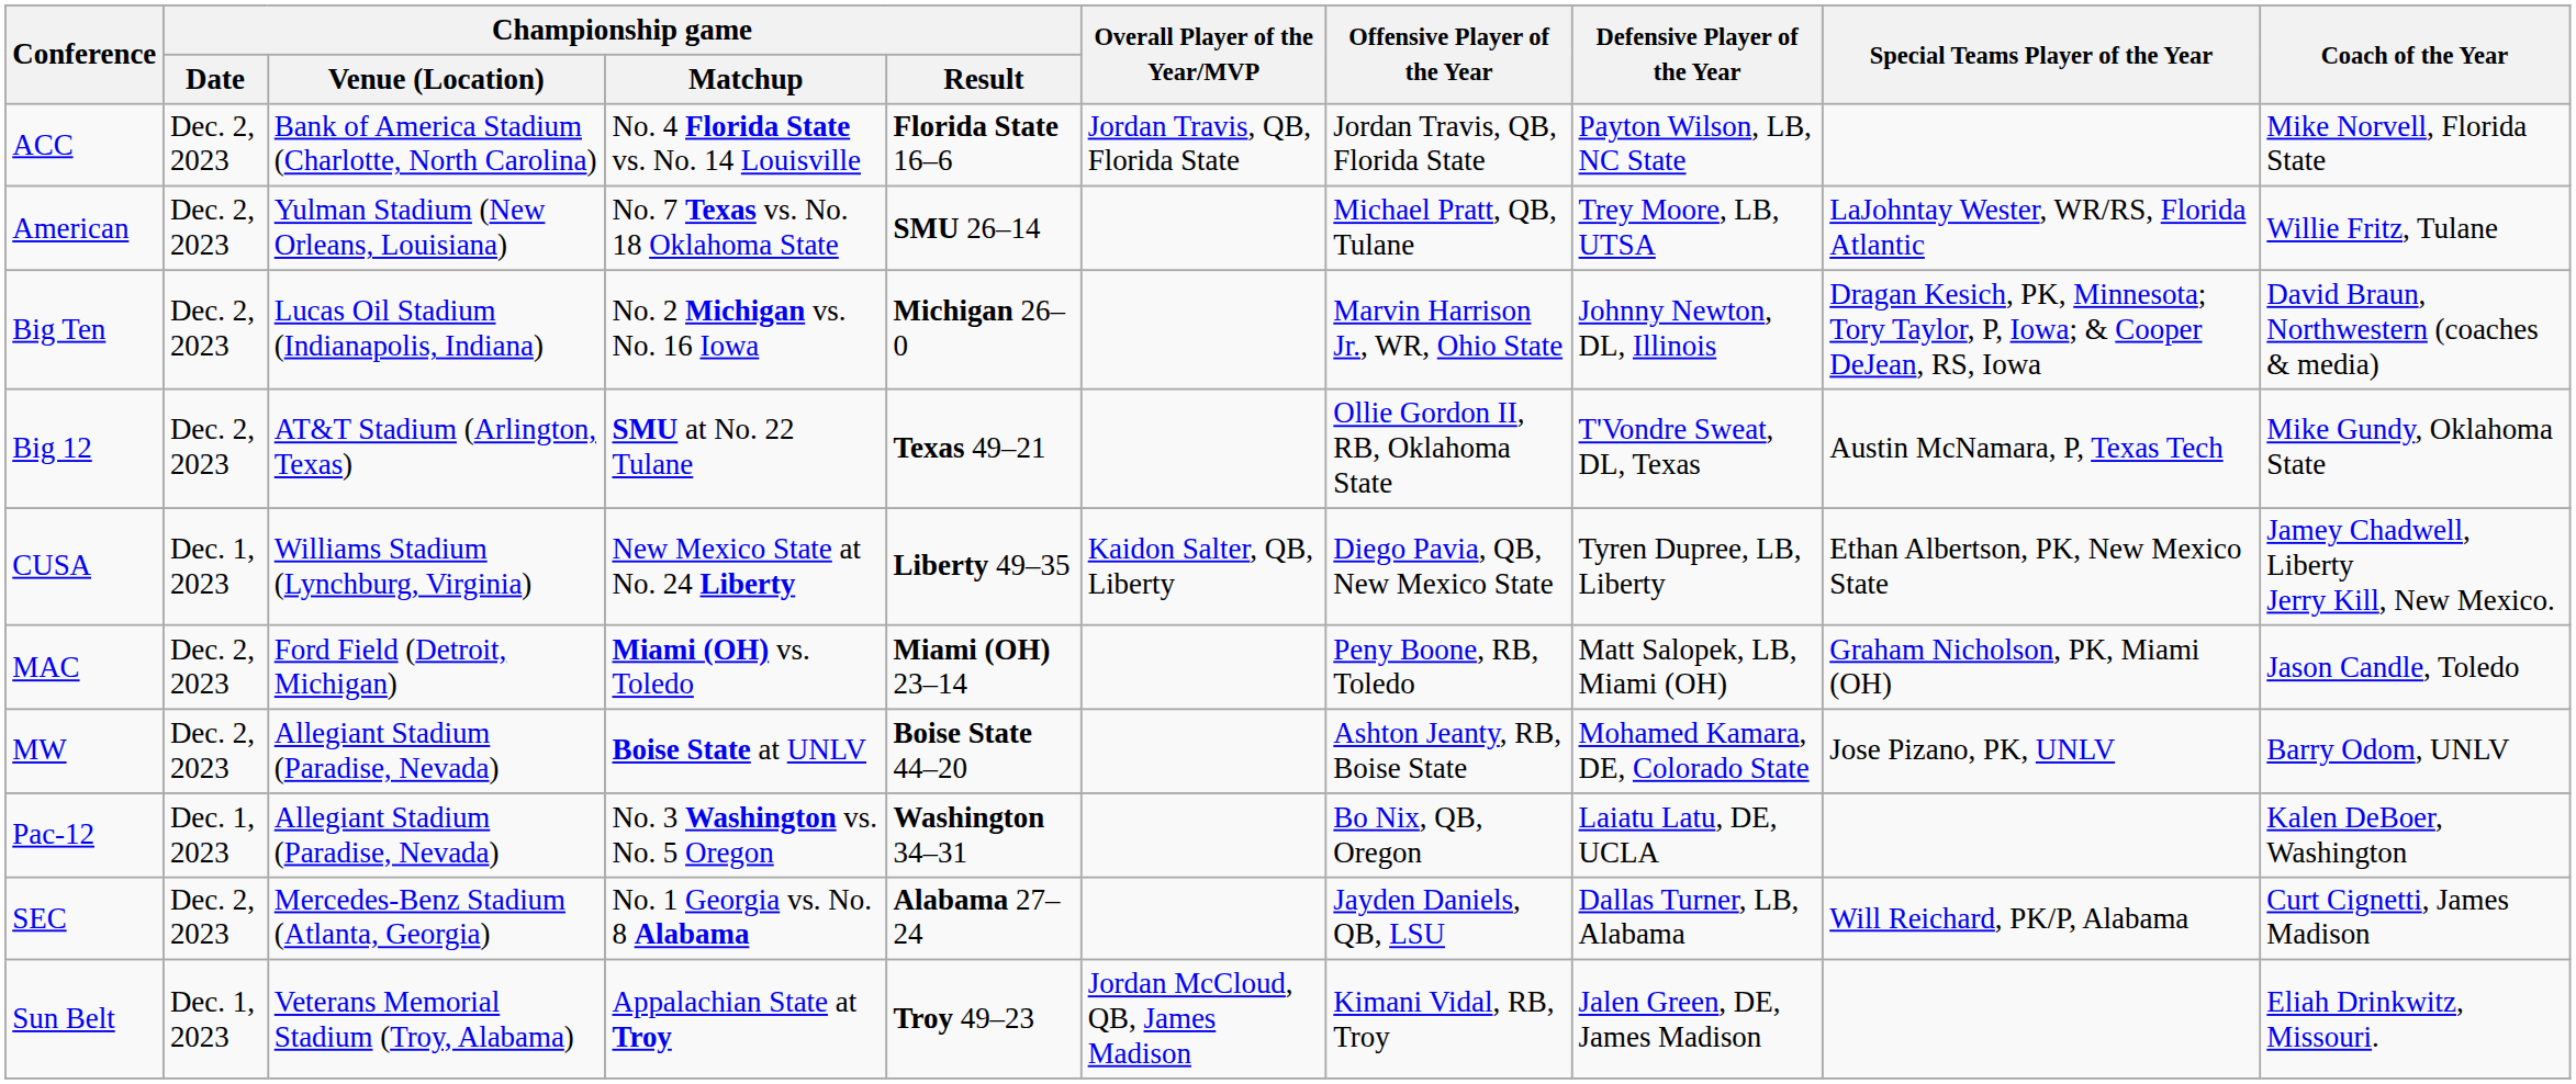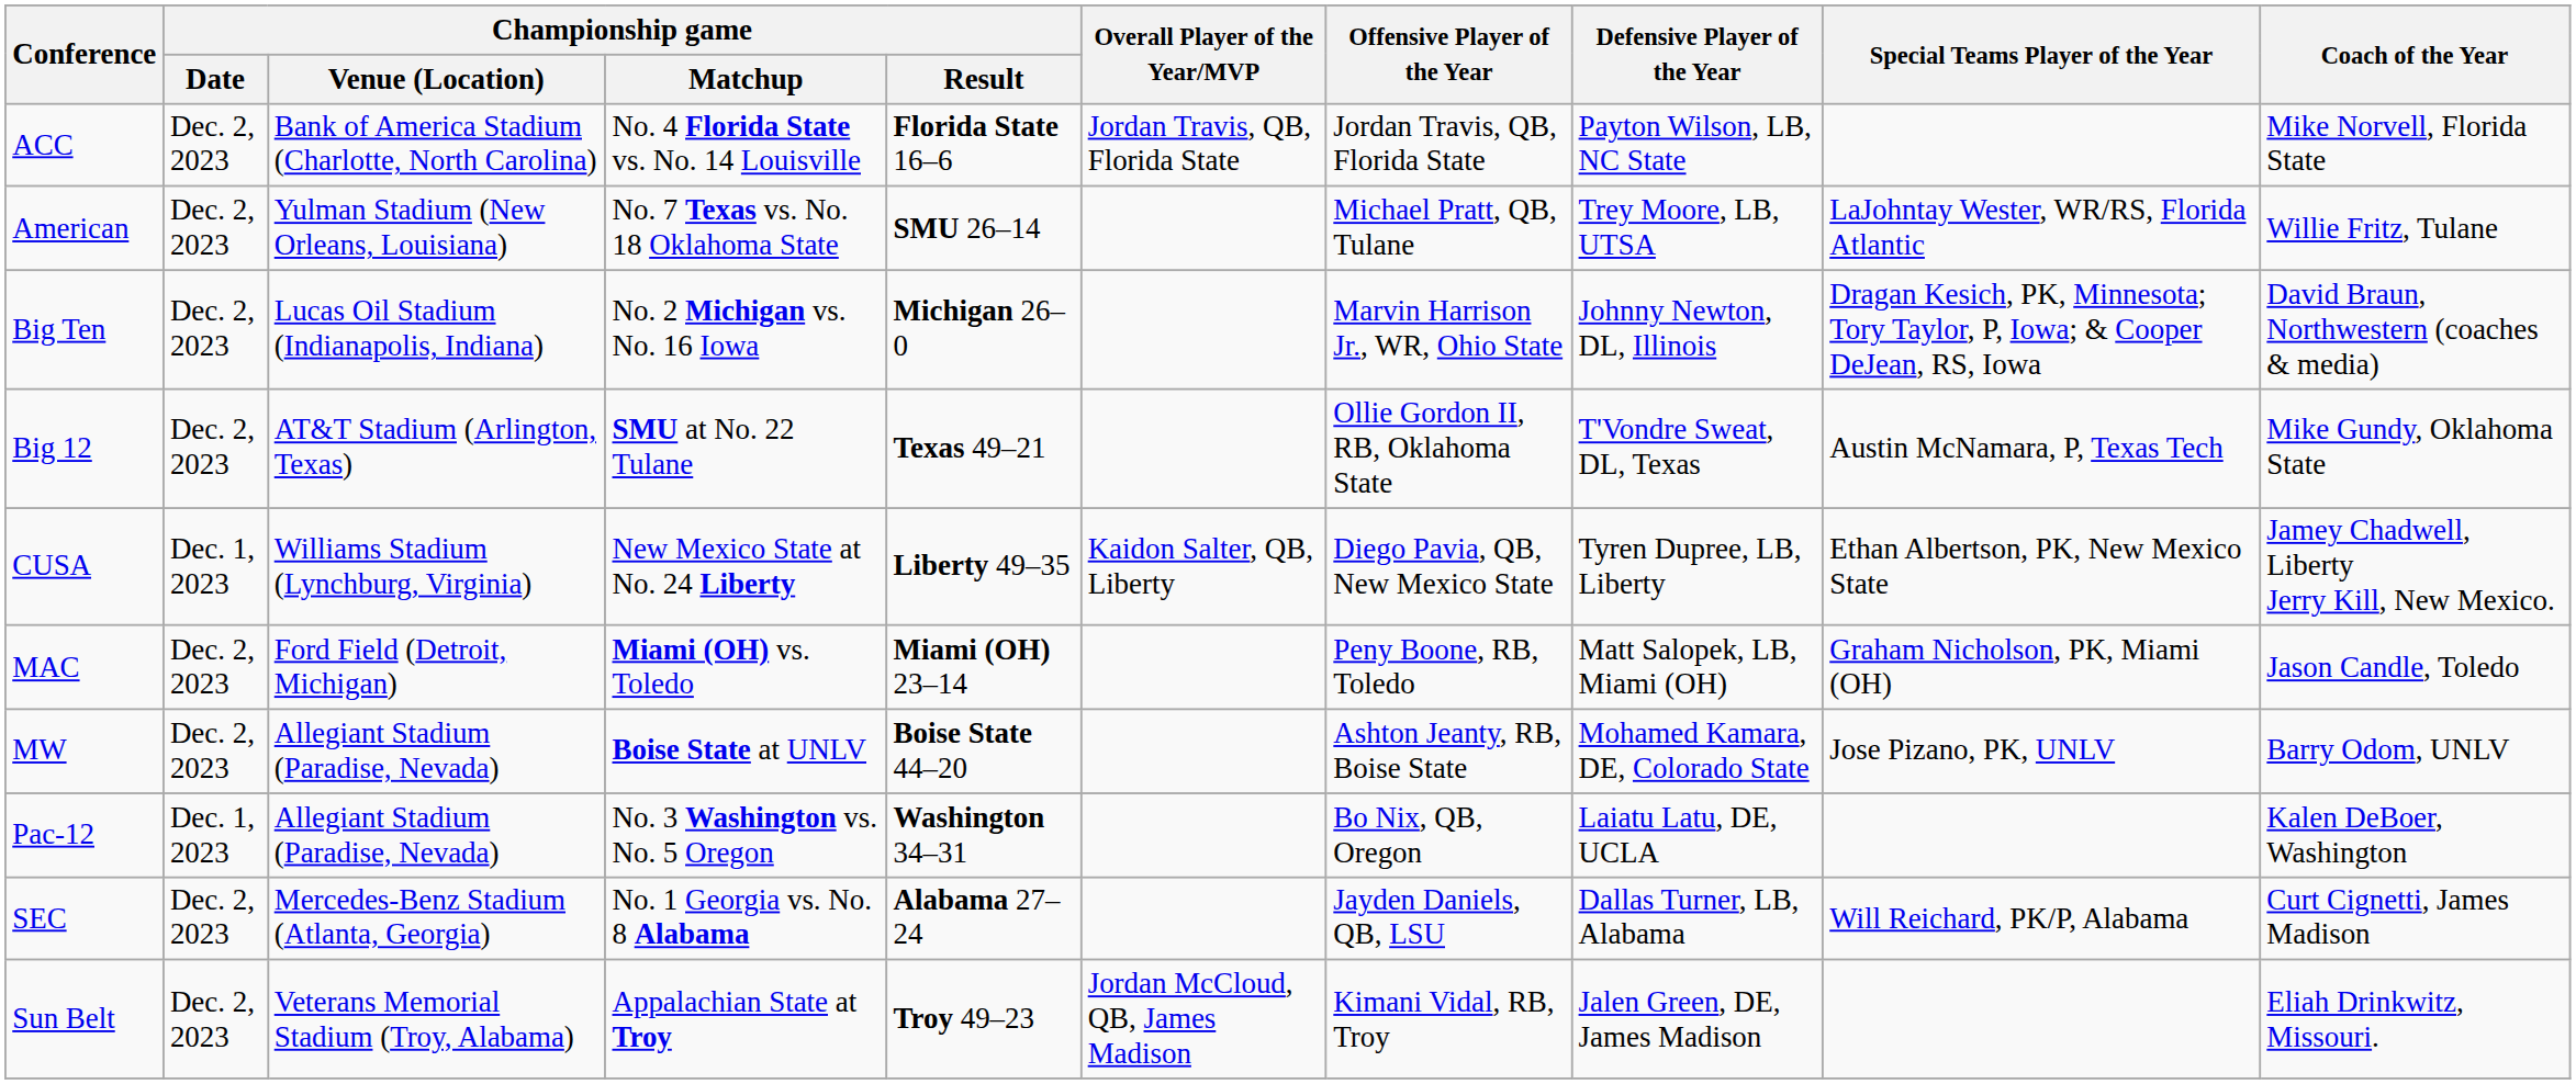 <table class="wikitable" style="font-size:90%;">
 <tr>
 <th rowspan=2>Conference</th>
 <th colspan=4>Championship game</th>
 <th rowspan=2><small>Overall Player of the Year/MVP</small></th>
 <th rowspan=2><small>Offensive Player of the Year</small></th>
 <th rowspan=2><small>Defensive Player of the Year</small></th>
 <th rowspan=2><small>Special Teams Player of the Year</small></th>
 <th rowspan=2><small>Coach of the Year</small></th>
 </tr>
 <tr>
 <th>Date</th>
 <th>Venue (Location)</th>
 <th>Matchup</th>
 <th>Result</th>
 </tr>
 <tr>
 <td><a href='#'>ACC</a></td>
 <td>Dec. 2, 2023</td>
 <td><a href='#'>Bank of America Stadium</a> (<a href='#'>Charlotte, North Carolina</a>)</td>
 <td>No. 4 <strong><a href='#'>Florida State</a></strong> vs. No. 14 <a href='#'>Louisville</a></td>
 <td><strong>Florida State</strong> 16–6</td>
 <td><a href='#'>Jordan Travis</a>, QB, Florida State</td>
 <td>Jordan Travis, QB, Florida State</td>
 <td><a href='#'>Payton Wilson</a>, LB, <a href='#'>NC State</a></td>
 <td></td>
 <td><a href='#'>Mike Norvell</a>, Florida State</td>
 </tr>
 <tr>
 <td><a href='#'>American</a></td>
 <td>Dec. 2, 2023</td>
 <td><a href='#'>Yulman Stadium</a> (<a href='#'>New Orleans, Louisiana</a>)</td>
 <td>No. 7 <strong><a href='#'>Texas</a></strong> vs. No. 18 <a href='#'>Oklahoma State</a></td>
 <td><strong>SMU</strong> 26–14</td>
 <td></td>
 <td><a href='#'>Michael Pratt</a>, QB, Tulane</td>
 <td><a href='#'>Trey Moore</a>, LB, <a href='#'>UTSA</a></td>
 <td><a href='#'>LaJohntay Wester</a>, WR/RS, <a href='#'>Florida Atlantic</a></td>
 <td><a href='#'>Willie Fritz</a>, Tulane</td>
 </tr>
 <tr>
 <td><a href='#'>Big Ten</a></td>
 <td>Dec. 2, 2023</td>
 <td><a href='#'>Lucas Oil Stadium</a> (<a href='#'>Indianapolis, Indiana</a>)</td>
 <td>No. 2 <strong><a href='#'>Michigan</a></strong> vs. No. 16 <a href='#'>Iowa</a></td>
 <td><strong>Michigan</strong> 26–0</td>
 <td></td>
 <td><a href='#'>Marvin Harrison Jr.</a>, WR, <a href='#'>Ohio State</a></td>
 <td><a href='#'>Johnny Newton</a>, DL, <a href='#'>Illinois</a></td>
 <td><a href='#'>Dragan Kesich</a>, PK, <a href='#'>Minnesota</a>; <a href='#'>Tory Taylor</a>, P, <a href='#'>Iowa</a>; & <a href='#'>Cooper DeJean</a>, RS, Iowa</td>
 <td><a href='#'>David Braun</a>, <a href='#'>Northwestern</a> (coaches & media)</td>
 </tr>
 <tr>
 <td><a href='#'>Big 12</a></td>
 <td>Dec. 2, 2023</td>
 <td><a href='#'>AT&T Stadium</a> (<a href='#'>Arlington, Texas</a>)</td>
 <td><strong><a href='#'>SMU</a></strong> at No. 22 <a href='#'>Tulane</a></td>
 <td><strong>Texas</strong> 49–21</td>
 <td></td>
 <td><a href='#'>Ollie Gordon II</a>, RB, Oklahoma State</td>
 <td><a href='#'>T'Vondre Sweat</a>, DL, Texas</td>
 <td>Austin McNamara, P, <a href='#'>Texas Tech</a></td>
 <td><a href='#'>Mike Gundy</a>, Oklahoma State</td>
 </tr>
 <tr>
 <td><a href='#'>CUSA</a></td>
 <td>Dec. 1, 2023</td>
 <td><a href='#'>Williams Stadium</a> (<a href='#'>Lynchburg, Virginia</a>)</td>
 <td><a href='#'>New Mexico State</a> at No. 24 <strong><a href='#'>Liberty</a></strong></td>
 <td><strong>Liberty</strong> 49–35</td>
 <td><a href='#'>Kaidon Salter</a>, QB, Liberty</td>
 <td><a href='#'>Diego Pavia</a>, QB, New Mexico State</td>
 <td>Tyren Dupree, LB, Liberty</td>
 <td>Ethan Albertson, PK, New Mexico State</td>
 <td><a href='#'>Jamey Chadwell</a>, Liberty<br><a href='#'>Jerry Kill</a>, New Mexico.</td>
 </tr>
 <tr>
 <td><a href='#'>MAC</a></td>
 <td>Dec. 2, 2023</td>
 <td><a href='#'>Ford Field</a> (<a href='#'>Detroit, Michigan</a>)</td>
 <td><strong><a href='#'>Miami (OH)</a></strong> vs. <a href='#'>Toledo</a></td>
 <td><strong>Miami (OH)</strong> 23–14</td>
 <td></td>
 <td><a href='#'>Peny Boone</a>, RB, Toledo</td>
 <td>Matt Salopek, LB, Miami (OH)</td>
 <td><a href='#'>Graham Nicholson</a>, PK, Miami (OH)</td>
 <td><a href='#'>Jason Candle</a>, Toledo</td>
 </tr>
 <tr>
 <td><a href='#'>MW</a></td>
 <td>Dec. 2, 2023</td>
 <td><a href='#'>Allegiant Stadium</a> (<a href='#'>Paradise, Nevada</a>)</td>
 <td><strong><a href='#'>Boise State</a></strong> at <a href='#'>UNLV</a></td>
 <td><strong>Boise State</strong> 44–20</td>
 <td></td>
 <td><a href='#'>Ashton Jeanty</a>, RB, Boise State</td>
 <td><a href='#'>Mohamed Kamara</a>, DE, <a href='#'>Colorado State</a></td>
 <td>Jose Pizano, PK, <a href='#'>UNLV</a></td>
 <td><a href='#'>Barry Odom</a>, UNLV</td>
 </tr>
 <tr>
 <td><a href='#'>Pac-12</a></td>
 <td>Dec. 1, 2023</td>
 <td><a href='#'>Allegiant Stadium</a> (<a href='#'>Paradise, Nevada</a>)</td>
 <td>No. 3 <strong><a href='#'>Washington</a></strong> vs. No. 5 <a href='#'>Oregon</a></td>
 <td><strong>Washington</strong> 34–31</td>
 <td></td>
 <td><a href='#'>Bo Nix</a>, QB, Oregon</td>
 <td><a href='#'>Laiatu Latu</a>, DE, UCLA</td>
 <td></td>
 <td><a href='#'>Kalen DeBoer</a>, Washington</td>
 </tr>
 <tr>
 <td><a href='#'>SEC</a></td>
 <td>Dec. 2, 2023</td>
 <td><a href='#'>Mercedes-Benz Stadium</a> (<a href='#'>Atlanta, Georgia</a>)</td>
 <td>No. 1 <a href='#'>Georgia</a> vs. No. 8 <strong><a href='#'>Alabama</a></strong></td>
 <td><strong>Alabama</strong> 27–24</td>
 <td></td>
 <td><a href='#'>Jayden Daniels</a>, QB, <a href='#'>LSU</a></td>
 <td><a href='#'>Dallas Turner</a>, LB, Alabama</td>
 <td><a href='#'>Will Reichard</a>, PK/P, Alabama</td>
 <td><a href='#'>Curt Cignetti</a>, James Madison</td>
 </tr>
 <tr>
 <td><a href='#'>Sun Belt</a></td>
-<td>Dec. 1, 2023</td>
+<td>Dec. 2, 2023</td>
 <td><a href='#'>Veterans Memorial Stadium</a> (<a href='#'>Troy, Alabama</a>)</td>
 <td><a href='#'>Appalachian State</a> at <strong><a href='#'>Troy</a></strong></td>
 <td><strong>Troy</strong> 49–23</td>
 <td><a href='#'>Jordan McCloud</a>, QB, <a href='#'>James Madison</a></td>
 <td><a href='#'>Kimani Vidal</a>, RB, Troy</td>
 <td><a href='#'>Jalen Green</a>, DE, James Madison</td>
 <td></td>
 <td><a href='#'>Eliah Drinkwitz</a>, <a href='#'>Missouri</a>.</td>
 </tr>
 </table>
